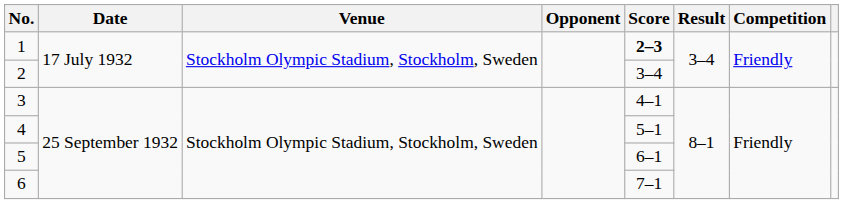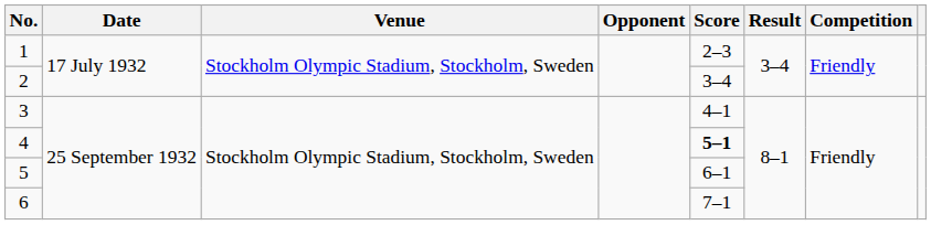 <table class="wikitable sortable">
 <tr>
 <th scope="col">No.</th>
 <th scope="col">Date</th>
 <th scope="col">Venue</th>
 <th scope="col">Opponent</th>
 <th scope="col">Score</th>
 <th scope="col">Result</th>
 <th scope="col">Competition</th>
 <th scope="col" class="unsortable"></th>
 </tr>
 <tr>
 <td align="center">1</td>
 <td rowspan="2">17 July 1932</td>
 <td rowspan="2"><a href='#'>Stockholm Olympic Stadium</a>, <a href='#'>Stockholm</a>, Sweden</td>
 <td rowspan="2"></td>
-<td align="center"><strong>2–3</strong></td>
+<td align="center">2–3</td>
 <td rowspan="2" align="center">3–4</td>
 <td rowspan="2"><a href='#'>Friendly</a></td>
 <td rowspan="2"></td>
 </tr>
 <tr>
 <td align="center">2</td>
 <td align="center">3–4</td>
 </tr>
 <tr>
 <td align="center">3</td>
 <td rowspan="4">25 September 1932</td>
 <td rowspan="4">Stockholm Olympic Stadium, Stockholm, Sweden</td>
 <td rowspan="4"></td>
 <td align="center">4–1</td>
 <td rowspan="4" align="center">8–1</td>
 <td rowspan="4">Friendly</td>
 <td rowspan="4"></td>
 </tr>
 <tr>
 <td align="center">4</td>
-<td align="center">5–1</td>
+<td align="center"><strong>5–1</strong></td>
 </tr>
 <tr>
 <td align="center">5</td>
 <td align="center">6–1</td>
 </tr>
 <tr>
 <td align="center">6</td>
 <td align="center">7–1</td>
 </tr>
 </table>
